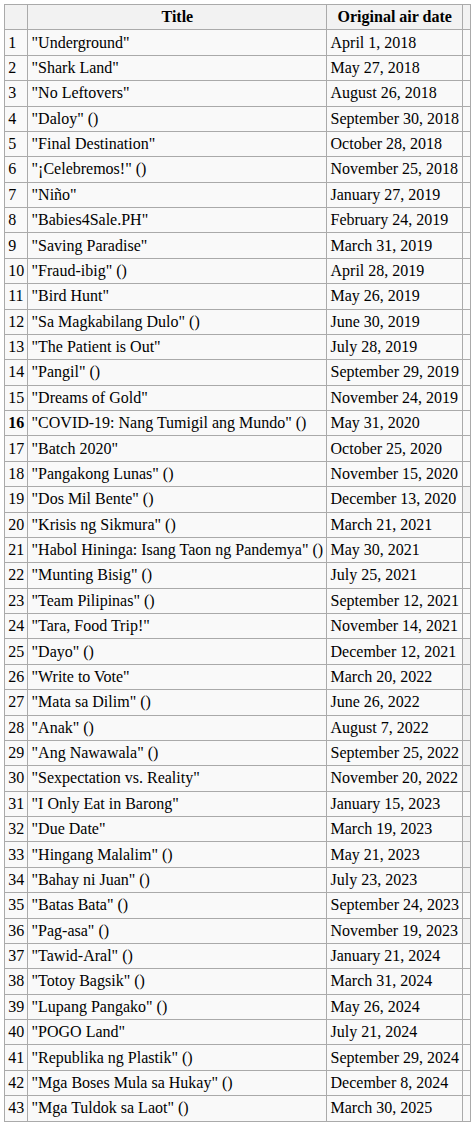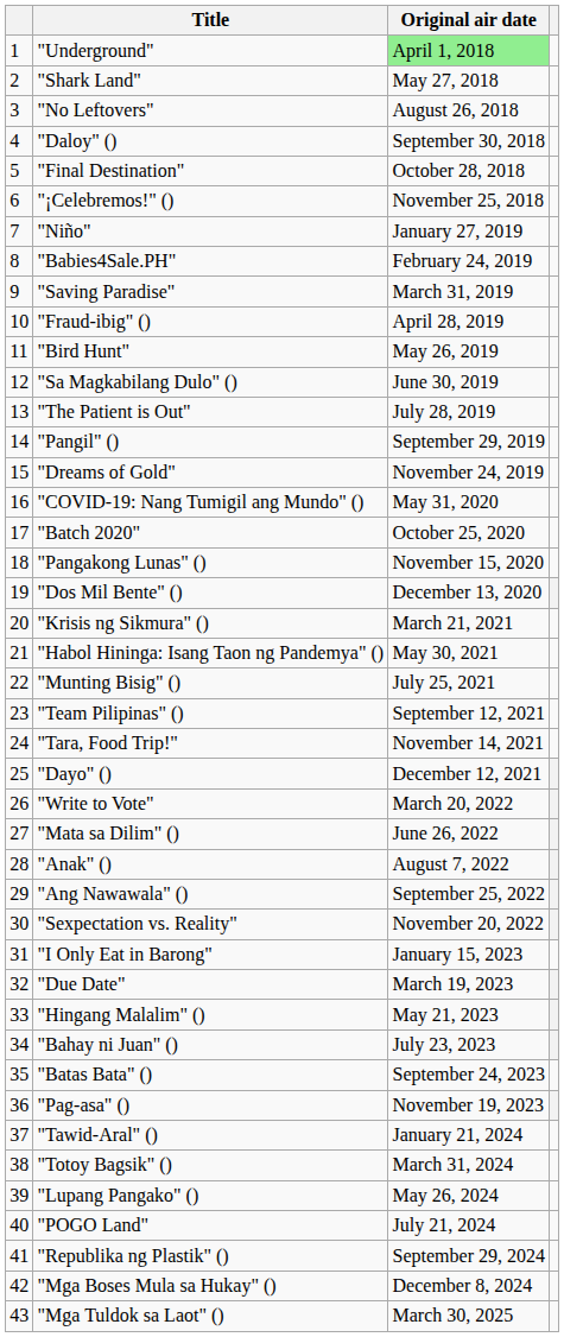 <table class="wikitable">
 <tr>
 <th></th>
 <th>Title</th>
 <th>Original air date</th>
 <th></th>
 </tr>
 <tr>
 <td>1</td>
 <td>"Underground"</td>
-<td>April 1, 2018</td>
+<td style="background: lightgreen;">April 1, 2018</td>
 <td></td>
 </tr>
 <tr>
 <td>2</td>
 <td>"Shark Land"</td>
 <td>May 27, 2018</td>
 <td></td>
 </tr>
 <tr>
 <td>3</td>
 <td>"No Leftovers"</td>
 <td>August 26, 2018</td>
 <td></td>
 </tr>
 <tr>
 <td>4</td>
 <td>"Daloy" ()</td>
 <td>September 30, 2018</td>
 <td></td>
 </tr>
 <tr>
 <td>5</td>
 <td>"Final Destination"</td>
 <td>October 28, 2018</td>
 <td></td>
 </tr>
 <tr>
 <td>6</td>
 <td>"¡Celebremos!" ()</td>
 <td>November 25, 2018</td>
 <td></td>
 </tr>
 <tr>
 <td>7</td>
 <td>"Niño"</td>
 <td>January 27, 2019</td>
 <td></td>
 </tr>
 <tr>
 <td>8</td>
 <td>"Babies4Sale.PH"</td>
 <td>February 24, 2019</td>
 <td></td>
 </tr>
 <tr>
 <td>9</td>
 <td>"Saving Paradise"</td>
 <td>March 31, 2019</td>
 <td></td>
 </tr>
 <tr>
 <td>10</td>
 <td>"Fraud-ibig" ()</td>
 <td>April 28, 2019</td>
 <td></td>
 </tr>
 <tr>
 <td>11</td>
 <td>"Bird Hunt"</td>
 <td>May 26, 2019</td>
 <td></td>
 </tr>
 <tr>
 <td>12</td>
 <td>"Sa Magkabilang Dulo" ()</td>
 <td>June 30, 2019</td>
 <td></td>
 </tr>
 <tr>
 <td>13</td>
 <td>"The Patient is Out"</td>
 <td>July 28, 2019</td>
 <td></td>
 </tr>
 <tr>
 <td>14</td>
 <td>"Pangil" ()</td>
 <td>September 29, 2019</td>
 <td></td>
 </tr>
 <tr>
 <td>15</td>
 <td>"Dreams of Gold"</td>
 <td>November 24, 2019</td>
 <td></td>
 </tr>
 <tr>
-<td><strong>16</strong></td>
+<td>16</td>
 <td>"COVID-19: Nang Tumigil ang Mundo" ()</td>
 <td>May 31, 2020</td>
 <td></td>
 </tr>
 <tr>
 <td>17</td>
 <td>"Batch 2020"</td>
 <td>October 25, 2020</td>
 <td></td>
 </tr>
 <tr>
 <td>18</td>
 <td>"Pangakong Lunas" ()</td>
 <td>November 15, 2020</td>
 <td></td>
 </tr>
 <tr>
 <td>19</td>
 <td>"Dos Mil Bente" ()</td>
 <td>December 13, 2020</td>
 <th></th>
 </tr>
 <tr>
 <td>20</td>
 <td>"Krisis ng Sikmura" ()</td>
 <td>March 21, 2021</td>
 <td></td>
 </tr>
 <tr>
 <td>21</td>
 <td>"Habol Hininga: Isang Taon ng Pandemya" ()</td>
 <td>May 30, 2021</td>
 <td></td>
 </tr>
 <tr>
 <td>22</td>
 <td>"Munting Bisig" ()</td>
 <td>July 25, 2021</td>
 <td></td>
 </tr>
 <tr>
 <td>23</td>
 <td>"Team Pilipinas" ()</td>
 <td>September 12, 2021</td>
 <td></td>
 </tr>
 <tr>
 <td>24</td>
 <td>"Tara, Food Trip!"</td>
 <td>November 14, 2021</td>
 <td></td>
 </tr>
 <tr>
 <td>25</td>
 <td>"Dayo" ()</td>
 <td>December 12, 2021</td>
 <th></th>
 </tr>
 <tr>
 <td>26</td>
 <td>"Write to Vote"</td>
 <td>March 20, 2022</td>
 <th></th>
 </tr>
 <tr>
 <td>27</td>
 <td>"Mata sa Dilim" ()</td>
 <td>June 26, 2022</td>
 <th></th>
 </tr>
 <tr>
 <td>28</td>
 <td>"Anak" ()</td>
 <td>August 7, 2022</td>
 <th></th>
 </tr>
 <tr>
 <td>29</td>
 <td>"Ang Nawawala" ()</td>
 <td>September 25, 2022</td>
 <th></th>
 </tr>
 <tr>
 <td>30</td>
 <td>"Sexpectation vs. Reality"</td>
 <td>November 20, 2022</td>
 <th></th>
 </tr>
 <tr>
 <td>31</td>
 <td>"I Only Eat in Barong"</td>
 <td>January 15, 2023</td>
 <td></td>
 </tr>
 <tr>
 <td>32</td>
 <td>"Due Date"</td>
 <td>March 19, 2023</td>
 <th></th>
 </tr>
 <tr>
 <td>33</td>
 <td>"Hingang Malalim" ()</td>
 <td>May 21, 2023</td>
 <th></th>
 </tr>
 <tr>
 <td>34</td>
 <td>"Bahay ni Juan" ()</td>
 <td>July 23, 2023</td>
 <th></th>
 </tr>
 <tr>
 <td>35</td>
 <td>"Batas Bata" ()</td>
 <td>September 24, 2023</td>
 <td></td>
 </tr>
 <tr>
 <td>36</td>
 <td>"Pag-asa" ()</td>
 <td>November 19, 2023</td>
 <th></th>
 </tr>
 <tr>
 <td>37</td>
 <td>"Tawid-Aral" ()</td>
 <td>January 21, 2024</td>
 <td></td>
 </tr>
 <tr>
 <td>38</td>
 <td>"Totoy Bagsik" ()</td>
 <td>March 31, 2024</td>
 <td></td>
 </tr>
 <tr>
 </tr>
 <tr>
 <td>39</td>
 <td>"Lupang Pangako" ()</td>
 <td>May 26, 2024</td>
 <td></td>
 </tr>
 <tr>
 </tr>
 <tr>
 <td>40</td>
 <td>"POGO Land"</td>
 <td>July 21, 2024</td>
 <td></td>
 </tr>
 <tr>
 <td>41</td>
 <td>"Republika ng Plastik" ()</td>
 <td>September 29, 2024</td>
 <td></td>
 </tr>
 <tr>
 <td>42</td>
 <td>"Mga Boses Mula sa Hukay" ()</td>
 <td>December 8, 2024</td>
 <td></td>
 </tr>
 <tr>
 <td>43</td>
 <td>"Mga Tuldok sa Laot" ()</td>
 <td>March 30, 2025</td>
 <td></td>
 </tr>
 </table>
